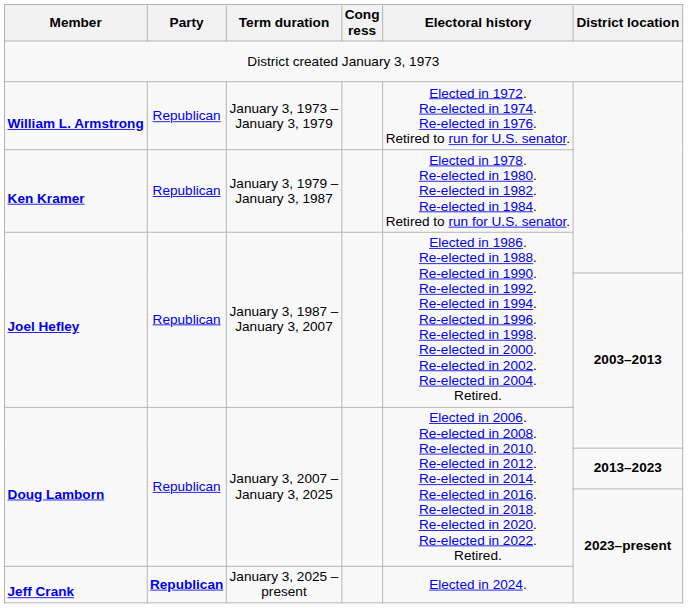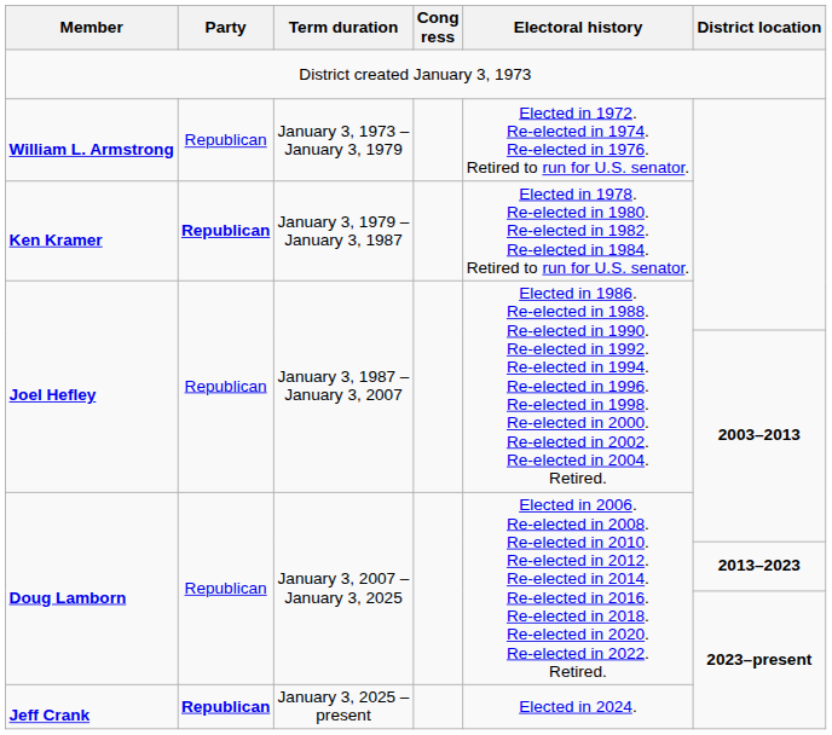 <table class=wikitable style="text-align:center">
 <tr>
 <th>Member</th>
 <th>Party</th>
 <th>Term duration</th>
 <th>Cong<br>ress</th>
 <th>Electoral history</th>
 <th>District location</th>
 </tr>
 <tr style="height:3em">
 <td colspan=6>District created January 3, 1973</td>
 </tr>
 <tr style="height:3em">
 <td align=left><br><strong><a href='#'>William L. Armstrong</a></strong><br></td>
 <td><a href='#'>Republican</a></td>
 <td nowrap>January 3, 1973 –<br>January 3, 1979</td>
 <td></td>
 <td><a href='#'>Elected in 1972</a>.<br><a href='#'>Re-elected in 1974</a>.<br><a href='#'>Re-elected in 1976</a>.<br>Retired to <a href='#'>run for U.S. senator</a>.</td>
 </tr>
 <tr style="height:3em">
 <td align=left><br><strong><a href='#'>Ken Kramer</a></strong><br></td>
-<td><a href='#'>Republican</a></td>
+<td><strong><a href='#'>Republican</a></strong></td>
 <td nowrap>January 3, 1979 –<br>January 3, 1987</td>
 <td></td>
 <td><a href='#'>Elected in 1978</a>.<br><a href='#'>Re-elected in 1980</a>.<br><a href='#'>Re-elected in 1982</a>.<br><a href='#'>Re-elected in 1984</a>.<br>Retired to <a href='#'>run for U.S. senator</a>.</td>
 </tr>
 <tr style="height:3em">
 <td rowspan=2 align=left><br><strong><a href='#'>Joel Hefley</a></strong><br></td>
 <td rowspan=2 ><a href='#'>Republican</a></td>
 <td rowspan=2 nowrap>January 3, 1987 –<br>January 3, 2007</td>
 <td rowspan=2></td>
 <td rowspan=2><a href='#'>Elected in 1986</a>.<br><a href='#'>Re-elected in 1988</a>.<br><a href='#'>Re-elected in 1990</a>.<br><a href='#'>Re-elected in 1992</a>.<br><a href='#'>Re-elected in 1994</a>.<br><a href='#'>Re-elected in 1996</a>.<br><a href='#'>Re-elected in 1998</a>.<br><a href='#'>Re-elected in 2000</a>.<br><a href='#'>Re-elected in 2002</a>.<br><a href='#'>Re-elected in 2004</a>.<br>Retired.</td>
 </tr>
 <tr style="height:3em">
 <td rowspan=2><strong>2003–2013</strong><br></td>
 </tr>
 <tr style="height:3em">
 <td rowspan=3 align=left><br><strong><a href='#'>Doug Lamborn</a></strong><br></td>
 <td rowspan=3 ><a href='#'>Republican</a></td>
 <td rowspan=3 nowrap>January 3, 2007 –<br>January 3, 2025</td>
 <td rowspan=3></td>
 <td rowspan=3><a href='#'>Elected in 2006</a>.<br><a href='#'>Re-elected in 2008</a>.<br><a href='#'>Re-elected in 2010</a>.<br><a href='#'>Re-elected in 2012</a>.<br><a href='#'>Re-elected in 2014</a>.<br><a href='#'>Re-elected in 2016</a>.<br><a href='#'>Re-elected in 2018</a>.<br><a href='#'>Re-elected in 2020</a>.<br><a href='#'>Re-elected in 2022</a>. <br> Retired.</td>
 </tr>
 <tr style="height:3em">
 <td><strong>2013–2023</strong><br></td>
 </tr>
 <tr style="height:3em">
 <td rowspan="2"><strong>2023–present</strong><br></td>
 </tr>
 <tr>
 <td align=left><br><strong><a href='#'>Jeff Crank</a></strong> <br></td>
 <td><strong><a href='#'>Republican</a></strong></td>
 <td>January 3, 2025 –<br>present</td>
 <td></td>
 <td><a href='#'>Elected in 2024</a>.</td>
 </tr>
 </table>
